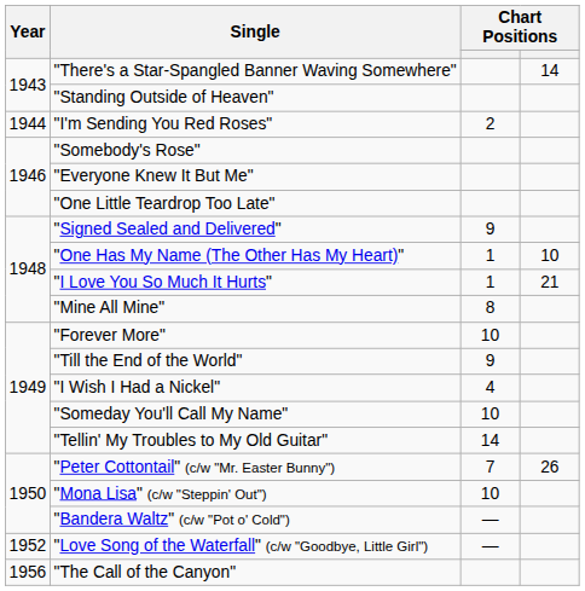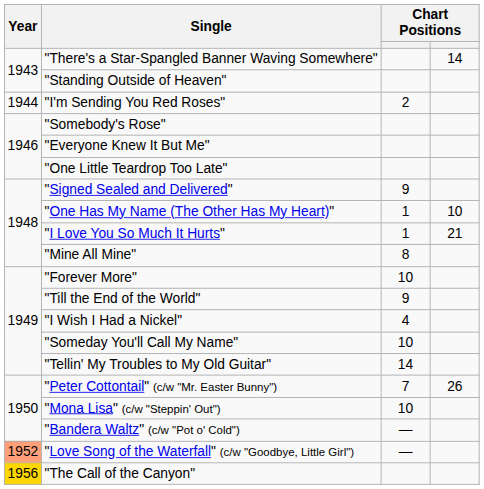 <table class="wikitable">
 <tr>
 <th rowspan=2>Year</th>
 <th rowspan=2>Single</th>
 <th colspan=2>Chart Positions</th>
 </tr>
 <tr>
 <th width="50"></th>
 <th width="50"></th>
 </tr>
 <tr>
 <td rowspan=2>1943</td>
 <td>"There's a Star-Spangled Banner Waving Somewhere"</td>
 <td></td>
 <td align="center">14</td>
 </tr>
 <tr>
 <td>"Standing Outside of Heaven"</td>
 <td></td>
 <td></td>
 </tr>
 <tr>
 <td>1944</td>
 <td>"I'm Sending You Red Roses"</td>
 <td align="center">2</td>
 <td></td>
 </tr>
 <tr>
 <td rowspan=3>1946</td>
 <td>"Somebody's Rose"</td>
 <td></td>
 <td></td>
 </tr>
 <tr>
 <td>"Everyone Knew It But Me"</td>
 <td></td>
 <td></td>
 </tr>
 <tr>
 <td>"One Little Teardrop Too Late"</td>
 <td></td>
 <td></td>
 </tr>
 <tr>
 <td rowspan=4>1948</td>
 <td>"<a href='#'>Signed Sealed and Delivered</a>"</td>
 <td align="center">9</td>
 <td></td>
 </tr>
 <tr>
 <td>"<a href='#'>One Has My Name (The Other Has My Heart)</a>"</td>
 <td align="center">1</td>
 <td align="center">10</td>
 </tr>
 <tr>
 <td>"<a href='#'>I Love You So Much It Hurts</a>"</td>
 <td align="center">1</td>
 <td align="center">21</td>
 </tr>
 <tr>
 <td>"Mine All Mine"</td>
 <td align="center">8</td>
 <td></td>
 </tr>
 <tr>
 <td rowspan=5>1949</td>
 <td>"Forever More"</td>
 <td align="center">10</td>
 <td></td>
 </tr>
 <tr>
 <td>"Till the End of the World"</td>
 <td align="center">9</td>
 <td></td>
 </tr>
 <tr>
 <td>"I Wish I Had a Nickel"</td>
 <td align="center">4</td>
 <td></td>
 </tr>
 <tr>
 <td>"Someday You'll Call My Name"</td>
 <td align="center">10</td>
 <td></td>
 </tr>
 <tr>
 <td>"Tellin' My Troubles to My Old Guitar"</td>
 <td align="center">14</td>
 <td></td>
 </tr>
 <tr>
 <td rowspan=3>1950</td>
 <td>"<a href='#'>Peter Cottontail</a>" <small>(c/w "Mr. Easter Bunny")</small></td>
 <td align="center">7</td>
 <td align="center">26</td>
 </tr>
 <tr>
 <td>"<a href='#'>Mona Lisa</a>" <small>(c/w "Steppin' Out")</small></td>
 <td align="center">10</td>
 <td></td>
 </tr>
 <tr>
 <td>"<a href='#'>Bandera Waltz</a>" <small>(c/w "Pot o' Cold")</small></td>
 <td align="center">—</td>
 <td></td>
 </tr>
 <tr>
-<td>1952</td>
+<td style="background: lightsalmon;">1952</td>
 <td>"<a href='#'>Love Song of the Waterfall</a>" <small>(c/w "Goodbye, Little Girl")</small></td>
 <td align="center">—</td>
 <td></td>
 </tr>
 <tr>
-<td>1956</td>
+<td style="background: gold;">1956</td>
 <td>"The Call of the Canyon"</td>
 <td align="center"></td>
 <td></td>
 </tr>
 </table>
